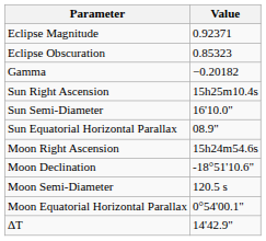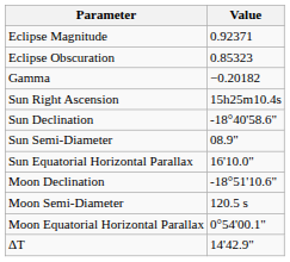 <table class="wikitable">
 <tr>
 <th>Parameter</th>
 <th>Value</th>
 </tr>
 <tr>
 <td>Eclipse Magnitude</td>
 <td>0.92371</td>
 </tr>
 <tr>
 <td>Eclipse Obscuration</td>
 <td>0.85323</td>
 </tr>
 <tr>
 <td>Gamma</td>
 <td>−0.20182</td>
 </tr>
 <tr>
 <td>Sun Right Ascension</td>
 <td>15h25m10.4s</td>
 </tr>
 <tr>
+<td>Sun Declination</td>
+<td>-18°40'58.6"</td>
+</tr>
+<tr>
 <td>Sun Semi-Diameter</td>
-<td>16'10.0"</td>
+<td>08.9"</td>
 </tr>
 <tr>
 <td>Sun Equatorial Horizontal Parallax</td>
-<td>08.9"</td>
-</tr>
-<tr>
-<td>Moon Right Ascension</td>
-<td>15h24m54.6s</td>
+<td>16'10.0"</td>
 </tr>
 <tr>
 <td>Moon Declination</td>
 <td>-18°51'10.6"</td>
 </tr>
 <tr>
 <td>Moon Semi-Diameter</td>
 <td>120.5 s</td>
 </tr>
 <tr>
 <td>Moon Equatorial Horizontal Parallax</td>
 <td>0°54'00.1"</td>
 </tr>
 <tr>
 <td>ΔT</td>
 <td>14'42.9"</td>
 </tr>
 </table>
